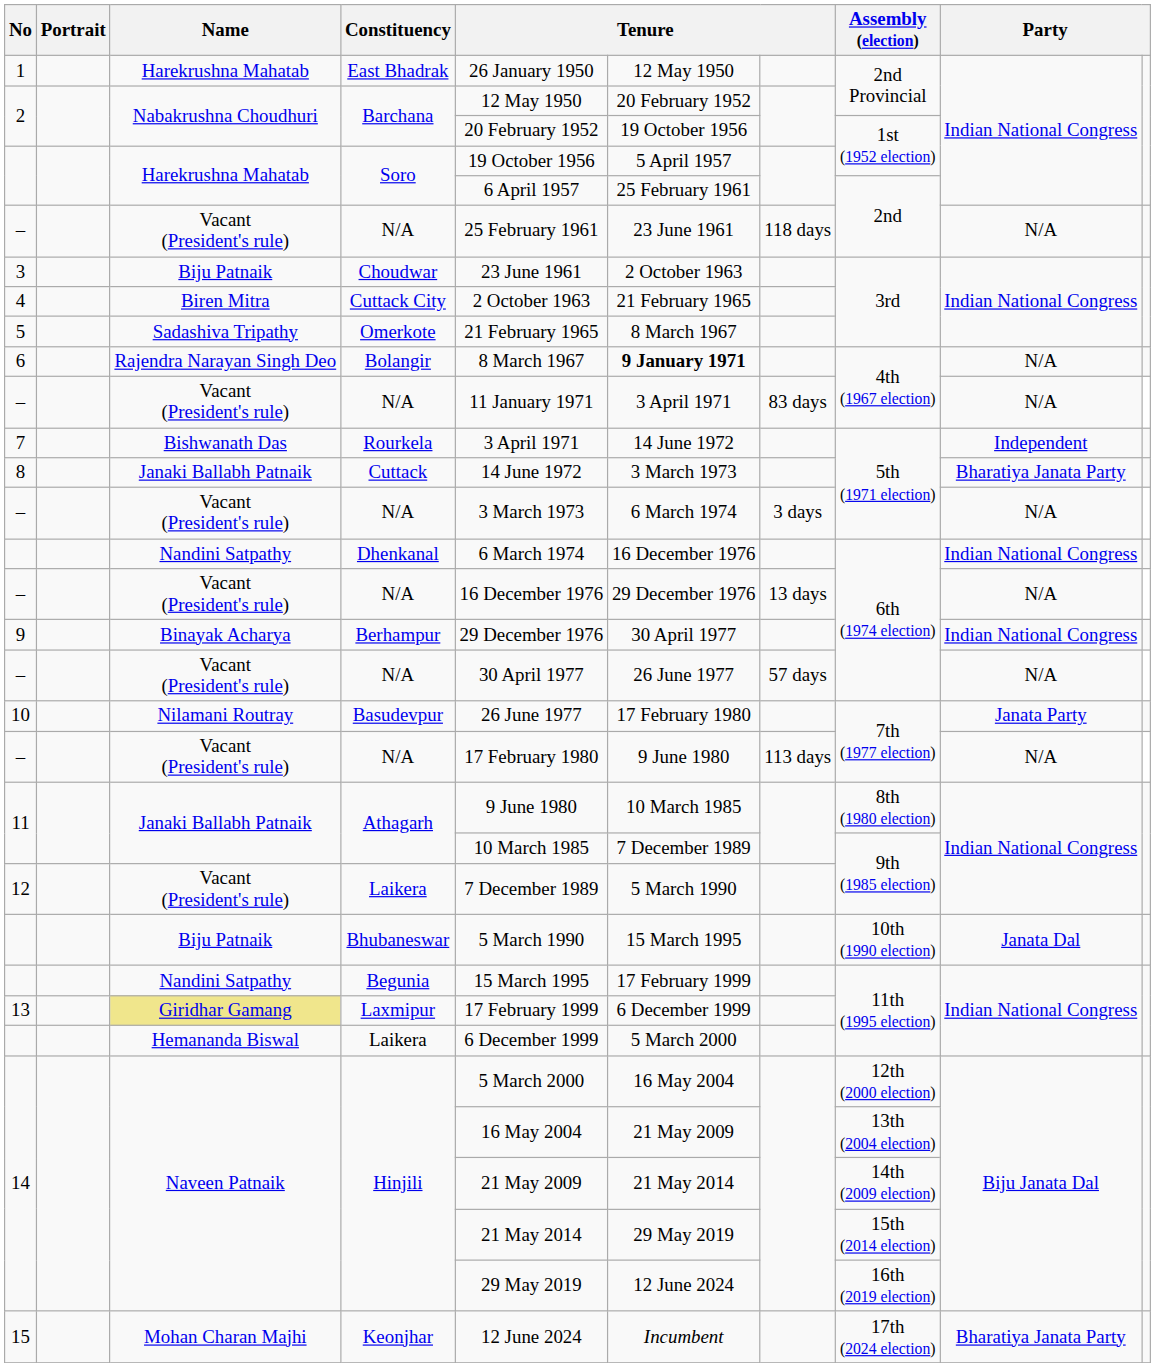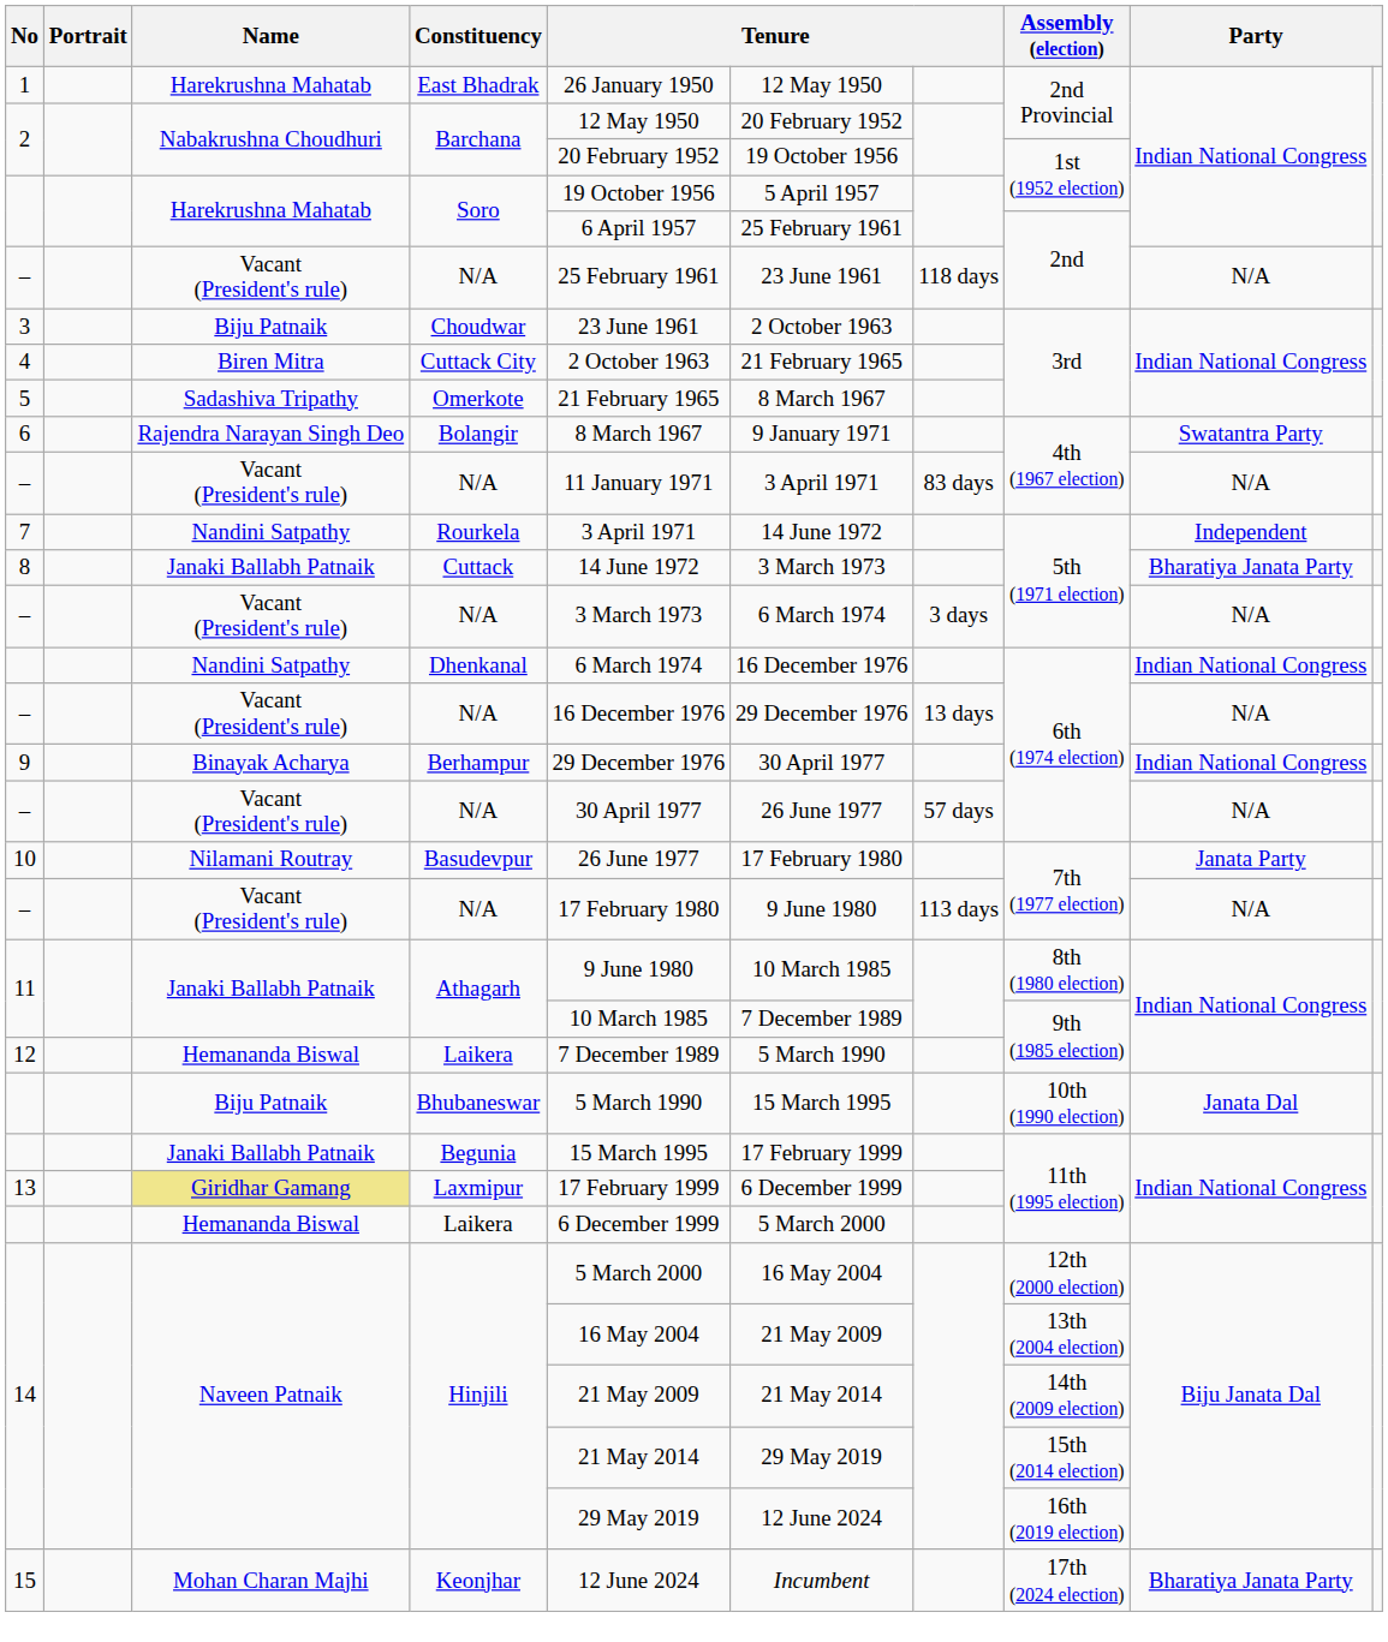 <table class="wikitable">
 <tr>
 <th>No</th>
 <th>Portrait</th>
 <th>Name</th>
 <th>Constituency</th>
 <th colspan="3">Tenure</th>
 <th><a href='#'>Assembly</a><br><small>(<a href='#'>election</a>)</small></th>
 <th colspan="2">Party</th>
 </tr>
 <tr align="center">
 <td>1</td>
 <td></td>
 <td><a href='#'>Harekrushna Mahatab</a></td>
 <td><a href='#'>East Bhadrak</a></td>
 <td>26 January 1950</td>
 <td>12 May 1950</td>
 <td></td>
 <td rowspan="2">2nd<br>Provincial </td>
 <td rowspan="5"><a href='#'>Indian National Congress</a></td>
 <td rowspan="5" style="background-color: "></td>
 </tr>
 <tr align="center">
 <td rowspan="2">2</td>
 <td rowspan="2"></td>
 <td rowspan="2"><a href='#'>Nabakrushna Choudhuri</a></td>
 <td rowspan="2"><a href='#'>Barchana</a></td>
 <td>12 May 1950</td>
 <td>20 February 1952</td>
 <td rowspan="2"></td>
 </tr>
 <tr align="center">
 <td>20 February 1952</td>
 <td>19 October 1956</td>
 <td rowspan="2">1st<br><small>(<a href='#'>1952 election</a>)</small></td>
 </tr>
 <tr align="center">
 <td rowspan="2"></td>
 <td rowspan="2"></td>
 <td rowspan="2"><a href='#'>Harekrushna Mahatab</a></td>
 <td rowspan="2"><a href='#'>Soro</a></td>
 <td>19 October 1956</td>
 <td>5 April 1957</td>
 <td rowspan="2"></td>
 </tr>
 <tr align="center">
 <td>6 April 1957</td>
 <td>25 February 1961</td>
 <td rowspan="2">2nd<br></td>
 </tr>
 <tr align="center">
 <td>–</td>
 <td></td>
 <td>Vacant<br>(<a href='#'>President's rule</a>)</td>
 <td>N/A</td>
 <td>25 February 1961</td>
 <td>23 June 1961</td>
 <td>118 days</td>
 <td>N/A</td>
 <td></td>
 </tr>
 <tr align="center">
 <td>3</td>
 <td></td>
 <td><a href='#'>Biju Patnaik</a></td>
 <td><a href='#'>Choudwar</a></td>
 <td>23 June 1961</td>
 <td>2 October 1963</td>
 <td></td>
 <td rowspan="3">3rd<br></td>
 <td rowspan="3"><a href='#'>Indian National Congress</a></td>
 <td rowspan="3" style="background-color: "></td>
 </tr>
 <tr align="center">
 <td>4</td>
 <td></td>
 <td><a href='#'>Biren Mitra</a></td>
 <td><a href='#'>Cuttack City</a></td>
 <td>2 October 1963</td>
 <td>21 February 1965</td>
 <td></td>
 </tr>
 <tr align="center">
 <td>5</td>
 <td></td>
 <td><a href='#'>Sadashiva Tripathy</a></td>
 <td><a href='#'>Omerkote</a></td>
 <td>21 February 1965</td>
 <td>8 March 1967</td>
 <td></td>
 </tr>
 <tr align="center">
 <td>6</td>
 <td></td>
 <td><a href='#'>Rajendra Narayan Singh Deo</a></td>
 <td><a href='#'>Bolangir</a></td>
 <td>8 March 1967</td>
-<td><strong>9 January 1971</strong></td>
+<td>9 January 1971</td>
 <td></td>
 <td rowspan="2">4th<br><small>(<a href='#'>1967 election</a>)</small></td>
-<td>N/A</td>
+<td><a href='#'>Swatantra Party</a></td>
 <td style="background-color: "></td>
 </tr>
 <tr align="center">
 <td>–</td>
 <td></td>
 <td>Vacant<br>(<a href='#'>President's rule</a>)</td>
 <td>N/A</td>
 <td>11 January 1971</td>
 <td>3 April 1971</td>
 <td>83 days</td>
 <td>N/A</td>
 <td style="background-color: white"></td>
 </tr>
 <tr align="center">
 <td>7</td>
 <td></td>
-<td><a href='#'>Bishwanath Das</a></td>
+<td><a href='#'>Nandini Satpathy</a></td>
 <td><a href='#'>Rourkela</a></td>
 <td>3 April 1971</td>
 <td>14 June 1972</td>
 <td></td>
 <td rowspan="3">5th<br><small>(<a href='#'>1971 election</a>)</small></td>
 <td><a href='#'>Independent</a></td>
 <td style="background-color: "></td>
 </tr>
 <tr align="center">
 <td>8</td>
 <td></td>
 <td><a href='#'>Janaki Ballabh Patnaik</a></td>
 <td><a href='#'>Cuttack</a></td>
 <td>14 June 1972</td>
 <td>3 March 1973</td>
 <td></td>
 <td><a href='#'>Bharatiya Janata Party</a></td>
 <td style="background-color: "></td>
 </tr>
 <tr align="center">
 <td>–</td>
 <td></td>
 <td>Vacant<br>(<a href='#'>President's rule</a>)</td>
 <td>N/A</td>
 <td>3 March 1973</td>
 <td>6 March 1974</td>
 <td>3 days</td>
 <td>N/A</td>
 <td style="background-color: white"></td>
 </tr>
 <tr align="center">
 <td></td>
 <td></td>
 <td><a href='#'>Nandini Satpathy</a></td>
 <td><a href='#'>Dhenkanal</a></td>
 <td>6 March 1974</td>
 <td>16 December 1976</td>
 <td></td>
 <td rowspan="4">6th<br><small>(<a href='#'>1974 election</a>)</small></td>
 <td><a href='#'>Indian National Congress</a></td>
 <td style="background-color: "></td>
 </tr>
 <tr align="center">
 <td>–</td>
 <td></td>
 <td>Vacant<br>(<a href='#'>President's rule</a>)</td>
 <td>N/A</td>
 <td>16 December 1976</td>
 <td>29 December 1976</td>
 <td>13 days</td>
 <td>N/A</td>
 <td style="background-color: white"></td>
 </tr>
 <tr align="center">
 <td>9</td>
 <td></td>
 <td><a href='#'>Binayak Acharya</a></td>
 <td><a href='#'>Berhampur</a></td>
 <td>29 December 1976</td>
 <td>30 April 1977</td>
 <td></td>
 <td><a href='#'>Indian National Congress</a></td>
 <td style="background-color: "></td>
 </tr>
 <tr align="center">
 <td>–</td>
 <td></td>
 <td>Vacant<br>(<a href='#'>President's rule</a>)</td>
 <td>N/A</td>
 <td>30 April 1977</td>
 <td>26 June 1977</td>
 <td>57 days</td>
 <td>N/A</td>
 <td style="background-color: white"></td>
 </tr>
 <tr align="center">
 <td>10</td>
 <td></td>
 <td><a href='#'>Nilamani Routray</a></td>
 <td><a href='#'>Basudevpur</a></td>
 <td>26 June 1977</td>
 <td>17 February 1980</td>
 <td></td>
 <td rowspan="2">7th<br><small>(<a href='#'>1977 election</a>)</small></td>
 <td><a href='#'>Janata Party</a></td>
 <td style="background-color: "></td>
 </tr>
 <tr align="center">
 <td>–</td>
 <td></td>
 <td>Vacant<br>(<a href='#'>President's rule</a>)</td>
 <td>N/A</td>
 <td>17 February 1980</td>
 <td>9 June 1980</td>
 <td>113 days</td>
 <td>N/A</td>
 <td style="background-color: white"></td>
 </tr>
 <tr align="center">
 <td rowspan="2">11</td>
 <td rowspan="2"></td>
 <td rowspan="2"><a href='#'>Janaki Ballabh Patnaik</a></td>
 <td rowspan="2"><a href='#'>Athagarh</a></td>
 <td>9 June 1980</td>
 <td>10 March 1985</td>
 <td rowspan="2"></td>
 <td>8th<br><small>(<a href='#'>1980 election</a>)</small></td>
 <td rowspan="3"><a href='#'>Indian National Congress</a></td>
 <td rowspan="3" style="background-color: "></td>
 </tr>
 <tr align="center">
 <td>10 March 1985</td>
 <td>7 December 1989</td>
 <td rowspan="2">9th<br><small>(<a href='#'>1985 election</a>)</small></td>
 </tr>
 <tr align="center">
 <td>12</td>
 <td></td>
-<td>Vacant<br>(<a href='#'>President's rule</a>)</td>
+<td><a href='#'>Hemananda Biswal</a></td>
 <td><a href='#'>Laikera</a></td>
 <td>7 December 1989</td>
 <td>5 March 1990</td>
 <td></td>
 </tr>
 <tr align="center">
 <td></td>
 <td></td>
 <td><a href='#'>Biju Patnaik</a></td>
 <td><a href='#'>Bhubaneswar</a></td>
 <td>5 March 1990</td>
 <td>15 March 1995</td>
 <td></td>
 <td>10th<br><small>(<a href='#'>1990 election</a>)</small></td>
 <td><a href='#'>Janata Dal</a></td>
 <td style="background-color: "></td>
 </tr>
 <tr align="center">
 <td></td>
 <td></td>
-<td><a href='#'>Nandini Satpathy</a></td>
+<td><a href='#'>Janaki Ballabh Patnaik</a></td>
 <td><a href='#'>Begunia</a></td>
 <td>15 March 1995</td>
 <td>17 February 1999</td>
 <td></td>
 <td rowspan="3">11th<br><small>(<a href='#'>1995 election</a>)</small></td>
 <td rowspan="3"><a href='#'>Indian National Congress</a></td>
 <td rowspan="3" style="background-color: "></td>
 </tr>
 <tr align="center">
 <td>13</td>
 <td></td>
 <td style="background: khaki;"><a href='#'>Giridhar Gamang</a></td>
 <td><a href='#'>Laxmipur</a></td>
 <td>17 February 1999</td>
 <td>6 December 1999</td>
 <td></td>
 </tr>
 <tr align="center">
 <td></td>
 <td></td>
 <td><a href='#'>Hemananda Biswal</a></td>
 <td>Laikera</td>
 <td>6 December 1999</td>
 <td>5 March 2000</td>
 <td></td>
 </tr>
 <tr align="center">
 <td rowspan="5">14</td>
 <td rowspan="5"></td>
 <td rowspan="5"><a href='#'>Naveen Patnaik</a></td>
 <td rowspan="5"><a href='#'>Hinjili</a></td>
 <td>5 March 2000</td>
 <td>16 May 2004</td>
 <td rowspan="5"></td>
 <td>12th<br><small>(<a href='#'>2000 election</a>)</small></td>
 <td rowspan="5"><a href='#'>Biju Janata Dal</a></td>
 <td rowspan="5" style="background-color: "></td>
 </tr>
 <tr align="center">
 <td>16 May 2004</td>
 <td>21 May 2009</td>
 <td>13th<br><small>(<a href='#'>2004 election</a>)</small></td>
 </tr>
 <tr align="center">
 <td>21 May 2009</td>
 <td>21 May 2014</td>
 <td>14th<br><small>(<a href='#'>2009 election</a>)</small></td>
 </tr>
 <tr align="center">
 <td>21 May 2014</td>
 <td>29 May 2019</td>
 <td>15th<br><small>(<a href='#'>2014 election</a>)</small></td>
 </tr>
 <tr align="center">
 <td>29 May 2019</td>
 <td>12 June 2024</td>
 <td>16th<br><small>(<a href='#'>2019 election</a>)</small></td>
 </tr>
 <tr align="center">
 <td>15</td>
 <td></td>
 <td><a href='#'>Mohan Charan Majhi</a></td>
 <td><a href='#'>Keonjhar</a></td>
 <td>12 June 2024</td>
 <td><em>Incumbent</em></td>
 <td></td>
 <td>17th<br><small>(<a href='#'>2024 election</a>)</small></td>
 <td><a href='#'>Bharatiya Janata Party</a></td>
 <td style="background-color: "></td>
 </tr>
 </table>
